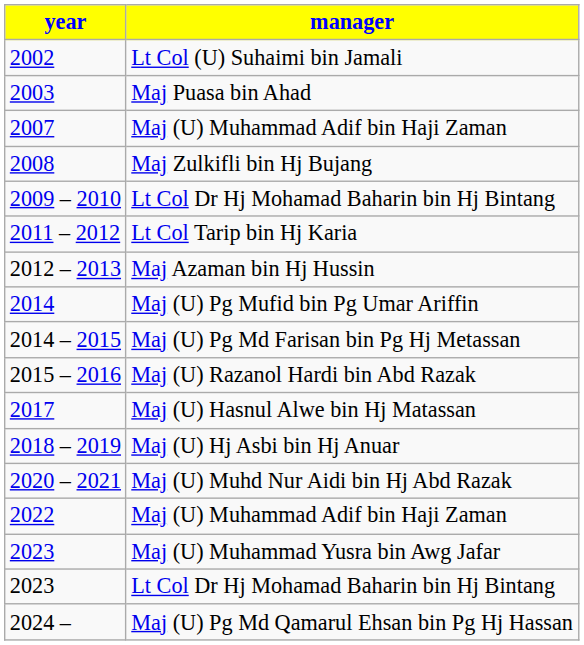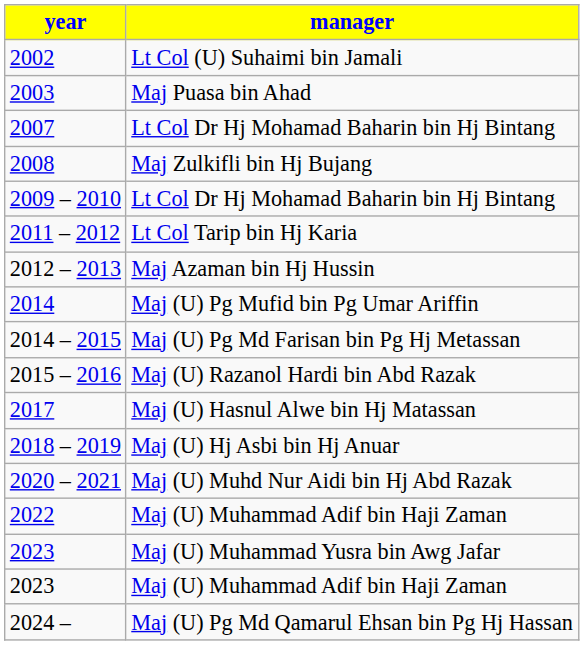 <table class="wikitable sortable">
 <tr>
 <th style="background:yellow; color:blue">year</th>
 <th style="background:yellow; color:blue">manager</th>
 </tr>
 <tr>
 <td><a href='#'>2002</a></td>
 <td><a href='#'>Lt Col</a> (U) Suhaimi bin Jamali</td>
 </tr>
 <tr>
 <td><a href='#'>2003</a></td>
 <td><a href='#'>Maj</a> Puasa bin Ahad</td>
 </tr>
 <tr>
 <td><a href='#'>2007</a></td>
-<td><a href='#'>Maj</a> (U) Muhammad Adif bin Haji Zaman</td>
+<td><a href='#'>Lt Col</a> Dr Hj Mohamad Baharin bin Hj Bintang</td>
 </tr>
 <tr>
 <td><a href='#'>2008</a></td>
 <td><a href='#'>Maj</a> Zulkifli bin Hj Bujang</td>
 </tr>
 <tr>
 <td><a href='#'>2009</a> – <a href='#'>2010</a></td>
 <td><a href='#'>Lt Col</a> Dr Hj Mohamad Baharin bin Hj Bintang</td>
 </tr>
 <tr>
 <td><a href='#'>2011</a> – <a href='#'>2012</a></td>
 <td><a href='#'>Lt Col</a> Tarip bin Hj Karia</td>
 </tr>
 <tr>
 <td>2012 – <a href='#'>2013</a></td>
 <td><a href='#'>Maj</a> Azaman bin Hj Hussin</td>
 </tr>
 <tr>
 <td><a href='#'>2014</a></td>
 <td><a href='#'>Maj</a> (U) Pg Mufid bin Pg Umar Ariffin</td>
 </tr>
 <tr>
 <td>2014 – <a href='#'>2015</a></td>
 <td><a href='#'>Maj</a> (U) Pg Md Farisan bin Pg Hj Metassan</td>
 </tr>
 <tr>
 <td>2015 – <a href='#'>2016</a></td>
 <td><a href='#'>Maj</a> (U) Razanol Hardi bin Abd Razak</td>
 </tr>
 <tr>
 <td><a href='#'>2017</a></td>
 <td><a href='#'>Maj</a> (U) Hasnul Alwe bin Hj Matassan</td>
 </tr>
 <tr>
 <td><a href='#'>2018</a> – <a href='#'>2019</a></td>
 <td><a href='#'>Maj</a> (U) Hj Asbi bin Hj Anuar</td>
 </tr>
 <tr>
 <td><a href='#'>2020</a> – <a href='#'>2021</a></td>
 <td><a href='#'>Maj</a> (U) Muhd Nur Aidi bin Hj Abd Razak</td>
 </tr>
 <tr>
 <td><a href='#'>2022</a></td>
 <td><a href='#'>Maj</a> (U) Muhammad Adif bin Haji Zaman</td>
 </tr>
 <tr>
 <td><a href='#'>2023</a></td>
 <td><a href='#'>Maj</a> (U) Muhammad Yusra bin Awg Jafar</td>
 </tr>
 <tr>
 <td>2023</td>
-<td><a href='#'>Lt Col</a> Dr Hj Mohamad Baharin bin Hj Bintang</td>
+<td><a href='#'>Maj</a> (U) Muhammad Adif bin Haji Zaman</td>
 </tr>
 <tr>
 <td>2024 –</td>
 <td><a href='#'>Maj</a> (U) Pg Md Qamarul Ehsan bin Pg Hj Hassan</td>
 </tr>
 </table>
